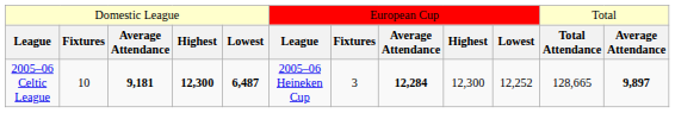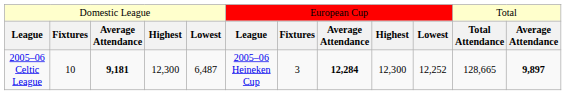 <table class="wikitable sortable" style="font-size:90%; width:90%;">
 <tr>
 <td colspan="5" class="wikitable sortable" style="width:45%; background:#ffffcc; text-align:center;"><span>Domestic League</span></td>
 <td colspan="5" class="wikitable sortable" style="width:45%; background:#f00; text-align:center;"><span>European Cup</span></td>
 <td colspan="2" class="wikitable sortable" style="width:45%; background:#ffffcc; text-align:center;"><span>Total</span></td>
 </tr>
 <tr>
 <th style="width:15%;">League</th>
 <th style="width:5%;">Fixtures</th>
 <th style="width:10%;">Average Attendance</th>
 <th style="width:10%;">Highest</th>
 <th style="width:10%;">Lowest</th>
 <th style="width:15%;">League</th>
 <th style="width:5%;">Fixtures</th>
 <th style="width:10%;">Average Attendance</th>
 <th style="width:10%;">Highest</th>
 <th style="width:10%;">Lowest</th>
 <th style="width:10%;">Total Attendance</th>
 <th style="width:10%;">Average Attendance</th>
 </tr>
 <tr>
 <td align=center><a href='#'>2005–06 Celtic League</a></td>
 <td align=center>10</td>
 <td align=center><strong>9,181</strong></td>
-<td align=center><strong>12,300</strong></td>
-<td align=center><strong>6,487</strong></td>
+<td align=center>12,300</td>
+<td align=center>6,487</td>
 <td align=center><a href='#'>2005–06 Heineken Cup</a></td>
 <td align=center>3</td>
 <td align=center><strong>12,284</strong></td>
 <td align=center>12,300</td>
 <td align=center>12,252</td>
 <td align=center>128,665</td>
 <td align=center><strong>9,897</strong></td>
 </tr>
 </table>
